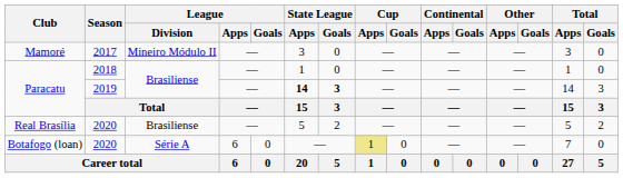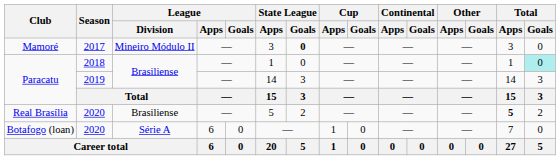 <table class="wikitable" style="text-align: center;">
 <tr>
 <th rowspan="2">Club</th>
 <th rowspan="2">Season</th>
 <th colspan="3">League</th>
 <th colspan="2">State League</th>
 <th colspan="2">Cup</th>
 <th colspan="2">Continental</th>
 <th colspan="2">Other</th>
 <th colspan="2">Total</th>
 </tr>
 <tr>
 <th>Division</th>
 <th>Apps</th>
 <th>Goals</th>
 <th>Apps</th>
 <th>Goals</th>
 <th>Apps</th>
 <th>Goals</th>
 <th>Apps</th>
 <th>Goals</th>
 <th>Apps</th>
 <th>Goals</th>
 <th>Apps</th>
 <th>Goals</th>
 </tr>
 <tr>
 <td valign="center"><a href='#'>Mamoré</a></td>
 <td><a href='#'>2017</a></td>
 <td><a href='#'>Mineiro Módulo II</a></td>
 <td colspan="2">—</td>
 <td>3</td>
-<td>0</td>
+<td><strong>0</strong></td>
 <td colspan="2">—</td>
 <td colspan="2">—</td>
 <td colspan="2">—</td>
 <td>3</td>
 <td>0</td>
 </tr>
 <tr>
 <td rowspan="3" valign="center"><a href='#'>Paracatu</a></td>
 <td><a href='#'>2018</a></td>
 <td rowspan="2"><a href='#'>Brasiliense</a></td>
 <td colspan="2">—</td>
 <td>1</td>
 <td>0</td>
 <td colspan="2">—</td>
 <td colspan="2">—</td>
 <td colspan="2">—</td>
 <td>1</td>
-<td>0</td>
+<td style="background: paleturquoise;">0</td>
 </tr>
 <tr>
 <td><a href='#'>2019</a></td>
 <td colspan="2">—</td>
-<td><strong>14</strong></td>
-<td><strong>3</strong></td>
+<td>14</td>
+<td>3</td>
 <td colspan="2">—</td>
 <td colspan="2">—</td>
 <td colspan="2">—</td>
 <td>14</td>
 <td>3</td>
 </tr>
 <tr>
 <th colspan="2">Total</th>
 <th colspan="2">—</th>
 <th>15</th>
 <th>3</th>
 <th colspan="2">—</th>
 <th colspan="2">—</th>
 <th colspan="2">—</th>
 <th>15</th>
 <th>3</th>
 </tr>
 <tr>
 <td valign="center"><a href='#'>Real Brasília</a></td>
 <td><a href='#'>2020</a></td>
 <td>Brasiliense</td>
 <td colspan="2">—</td>
 <td>5</td>
 <td>2</td>
 <td colspan="2">—</td>
 <td colspan="2">—</td>
 <td colspan="2">—</td>
-<td>5</td>
+<td><strong>5</strong></td>
 <td>2</td>
 </tr>
 <tr>
 <td valign="center"><a href='#'>Botafogo</a> (loan)</td>
 <td><a href='#'>2020</a></td>
 <td><a href='#'>Série A</a></td>
 <td>6</td>
 <td>0</td>
 <td colspan="2">—</td>
-<td style="background: khaki;">1</td>
+<td>1</td>
 <td>0</td>
 <td colspan="2">—</td>
 <td colspan="2">—</td>
 <td>7</td>
 <td>0</td>
 </tr>
 <tr>
 <th colspan="3"><strong>Career total</strong></th>
 <th>6</th>
 <th>0</th>
 <th>20</th>
 <th>5</th>
 <th>1</th>
 <th>0</th>
 <th>0</th>
 <th>0</th>
 <th>0</th>
 <th>0</th>
 <th>27</th>
 <th>5</th>
 </tr>
 </table>
